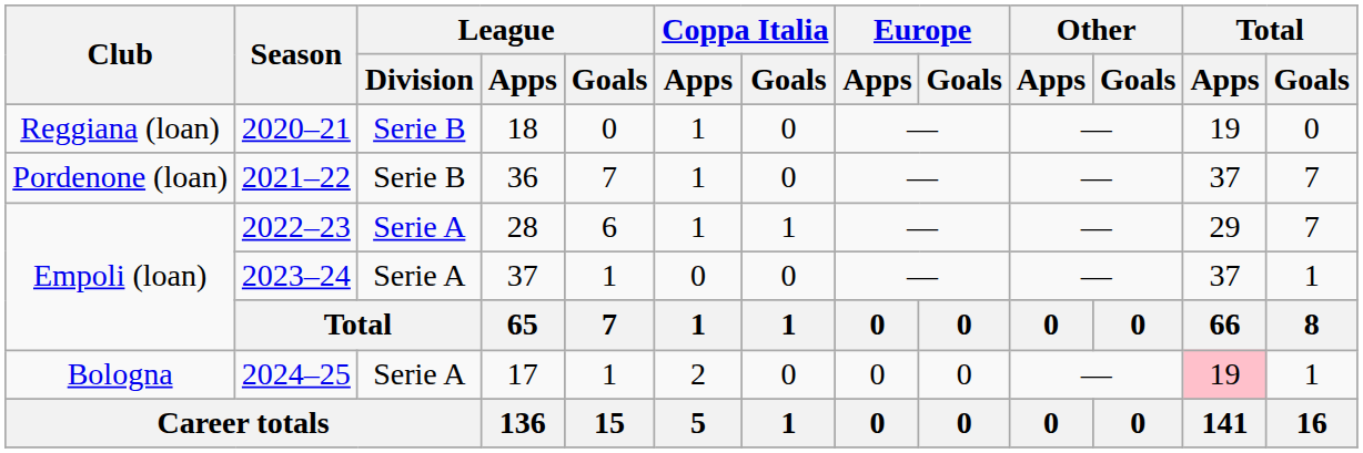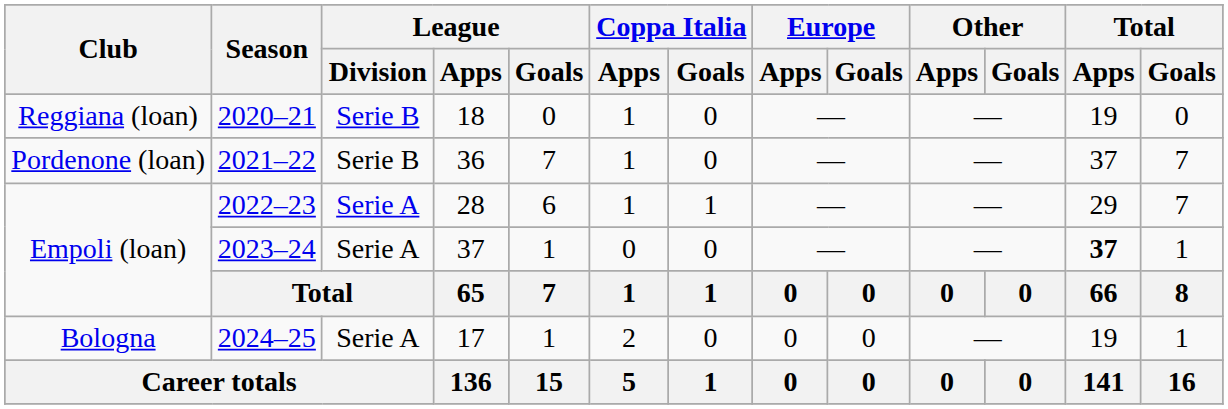 <table class="wikitable" style="text-align:center">
 <tr>
 <th rowspan="2">Club</th>
 <th rowspan="2">Season</th>
 <th colspan="3">League</th>
 <th colspan="2"><a href='#'>Coppa Italia</a></th>
 <th colspan="2"><a href='#'>Europe</a></th>
 <th colspan="2">Other</th>
 <th colspan="2">Total</th>
 </tr>
 <tr>
 <th>Division</th>
 <th>Apps</th>
 <th>Goals</th>
 <th>Apps</th>
 <th>Goals</th>
 <th>Apps</th>
 <th>Goals</th>
 <th>Apps</th>
 <th>Goals</th>
 <th>Apps</th>
 <th>Goals</th>
 </tr>
 <tr>
 <td><a href='#'>Reggiana</a> (loan)</td>
 <td><a href='#'>2020–21</a></td>
 <td><a href='#'>Serie B</a></td>
 <td>18</td>
 <td>0</td>
 <td>1</td>
 <td>0</td>
 <td colspan="2">—</td>
 <td colspan="2">—</td>
 <td>19</td>
 <td>0</td>
 </tr>
 <tr>
 <td><a href='#'>Pordenone</a> (loan)</td>
 <td><a href='#'>2021–22</a></td>
 <td>Serie B</td>
 <td>36</td>
 <td>7</td>
 <td>1</td>
 <td>0</td>
 <td colspan="2">—</td>
 <td colspan="2">—</td>
 <td>37</td>
 <td>7</td>
 </tr>
 <tr>
 <td rowspan="3"><a href='#'>Empoli</a> (loan)</td>
 <td><a href='#'>2022–23</a></td>
 <td><a href='#'>Serie A</a></td>
 <td>28</td>
 <td>6</td>
 <td>1</td>
 <td>1</td>
 <td colspan="2">—</td>
 <td colspan="2">—</td>
 <td>29</td>
 <td>7</td>
 </tr>
 <tr>
 <td><a href='#'>2023–24</a></td>
 <td>Serie A</td>
 <td>37</td>
 <td>1</td>
 <td>0</td>
 <td>0</td>
 <td colspan="2">—</td>
 <td colspan="2">—</td>
-<td>37</td>
+<td><strong>37</strong></td>
 <td>1</td>
 </tr>
 <tr>
 <th colspan="2">Total</th>
 <th>65</th>
 <th>7</th>
 <th>1</th>
 <th>1</th>
 <th>0</th>
 <th>0</th>
 <th>0</th>
 <th>0</th>
 <th>66</th>
 <th>8</th>
 </tr>
 <tr>
 <td><a href='#'>Bologna</a></td>
 <td><a href='#'>2024–25</a></td>
 <td>Serie A</td>
 <td>17</td>
 <td>1</td>
 <td>2</td>
 <td>0</td>
 <td>0</td>
 <td>0</td>
 <td colspan="2">—</td>
-<td style="background: pink;">19</td>
+<td>19</td>
 <td>1</td>
 </tr>
 <tr>
 <th colspan="3">Career totals</th>
 <th>136</th>
 <th>15</th>
 <th>5</th>
 <th>1</th>
 <th>0</th>
 <th>0</th>
 <th>0</th>
 <th>0</th>
 <th>141</th>
 <th>16</th>
 </tr>
 </table>
